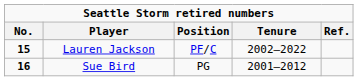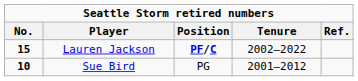 <table class="wikitable" style="text-align:center">
 <tr>
 <td colspan="5"><strong>Seattle Storm retired numbers</strong></td>
 </tr>
 <tr>
 <th style="width:40px; ">No.</th>
 <th style="width:150px; ">Player</th>
 <th style="width:40px; ">Position</th>
 <th style="width:100px; ">Tenure</th>
 <th style="width:20px; ">Ref.</th>
 </tr>
 <tr>
 <td><strong>15</strong></td>
 <td><a href='#'>Lauren Jackson</a></td>
-<td><a href='#'>PF</a>/<a href='#'>C</a></td>
+<td><strong><a href='#'>PF</a>/<a href='#'>C</a></strong></td>
 <td>2002–2022</td>
 <td></td>
 </tr>
 <tr>
-<td><strong>16</strong></td>
+<td><strong>10</strong></td>
 <td><a href='#'>Sue Bird</a></td>
 <td>PG</td>
 <td>2001–2012</td>
 <td></td>
 </tr>
 </table>
